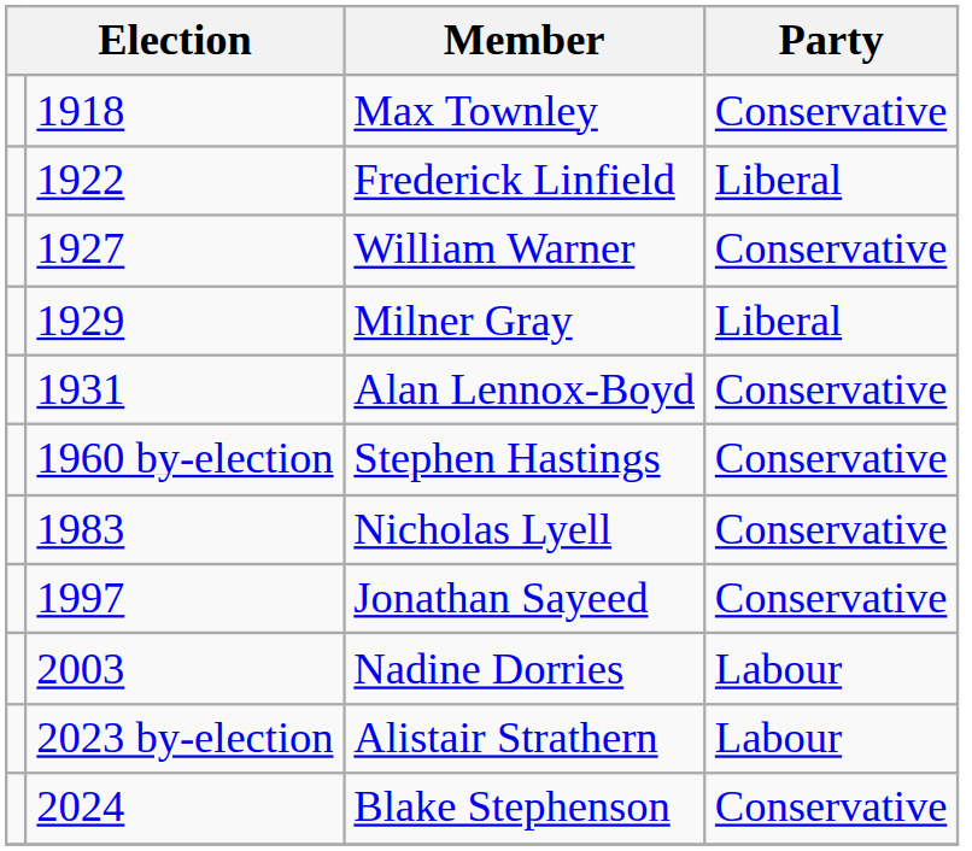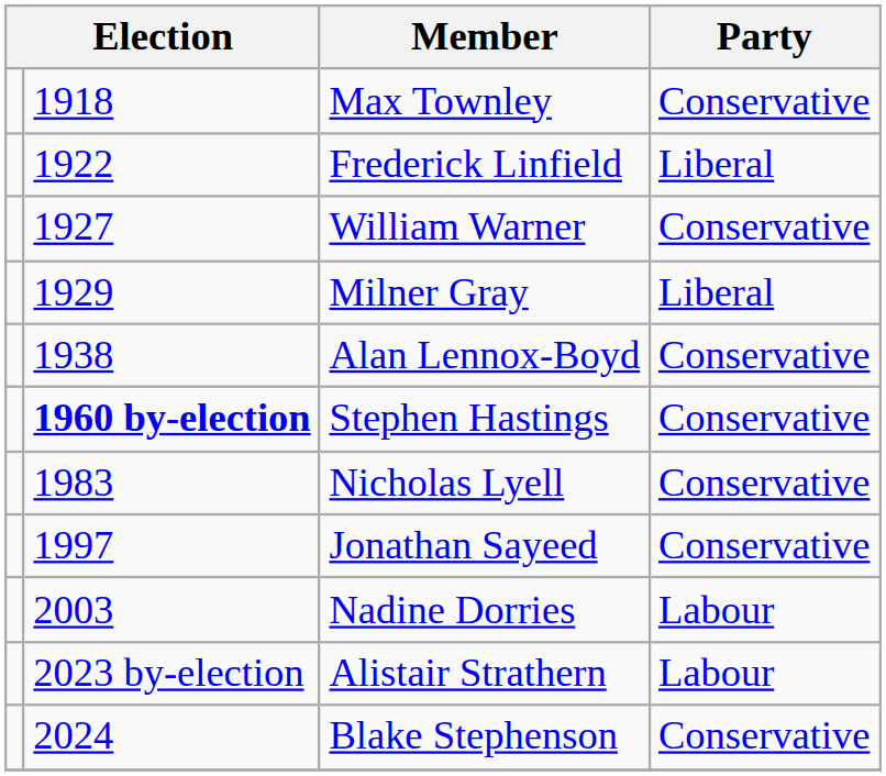 <table class="wikitable">
 <tr>
 <th colspan="2">Election</th>
 <th>Member</th>
 <th>Party</th>
 </tr>
 <tr>
 <td style="color:inherit;background-color: "></td>
 <td><a href='#'>1918</a></td>
 <td><a href='#'>Max Townley</a></td>
 <td><a href='#'>Conservative</a></td>
 </tr>
 <tr>
 <td style="color:inherit;background-color: "></td>
 <td><a href='#'>1922</a></td>
 <td><a href='#'>Frederick Linfield</a></td>
 <td><a href='#'>Liberal</a></td>
 </tr>
 <tr>
 <td style="color:inherit;background-color: "></td>
 <td><a href='#'>1927</a></td>
 <td><a href='#'>William Warner</a></td>
 <td><a href='#'>Conservative</a></td>
 </tr>
 <tr>
 <td style="color:inherit;background-color: "></td>
 <td><a href='#'>1929</a></td>
 <td><a href='#'>Milner Gray</a></td>
 <td><a href='#'>Liberal</a></td>
 </tr>
 <tr>
 <td style="color:inherit;background-color: "></td>
-<td><a href='#'>1931</a></td>
+<td><a href='#'>1938</a></td>
 <td><a href='#'>Alan Lennox-Boyd</a></td>
 <td><a href='#'>Conservative</a></td>
 </tr>
 <tr>
 <td style="color:inherit;background-color: "></td>
-<td><a href='#'>1960 by-election</a></td>
+<td><strong><a href='#'>1960 by-election</a></strong></td>
 <td><a href='#'>Stephen Hastings</a></td>
 <td><a href='#'>Conservative</a></td>
 </tr>
 <tr>
 <td style="color:inherit;background-color: "></td>
 <td><a href='#'>1983</a></td>
 <td><a href='#'>Nicholas Lyell</a></td>
 <td><a href='#'>Conservative</a></td>
 </tr>
 <tr>
 <td style="color:inherit;background-color: "></td>
 <td><a href='#'>1997</a></td>
 <td><a href='#'>Jonathan Sayeed</a></td>
 <td><a href='#'>Conservative</a></td>
 </tr>
 <tr>
 <td style="color:inherit;background-color: "></td>
 <td><a href='#'>2003</a></td>
 <td><a href='#'>Nadine Dorries</a></td>
 <td><a href='#'>Labour</a></td>
 </tr>
 <tr>
 <td style="color:inherit;background-color: "></td>
 <td><a href='#'>2023 by-election</a></td>
 <td><a href='#'>Alistair Strathern</a></td>
 <td><a href='#'>Labour</a></td>
 </tr>
 <tr>
 <td style="color:inherit;background-color: "></td>
 <td><a href='#'>2024</a></td>
 <td><a href='#'>Blake Stephenson</a></td>
 <td><a href='#'>Conservative</a></td>
 </tr>
 <tr>
 </tr>
 </table>
